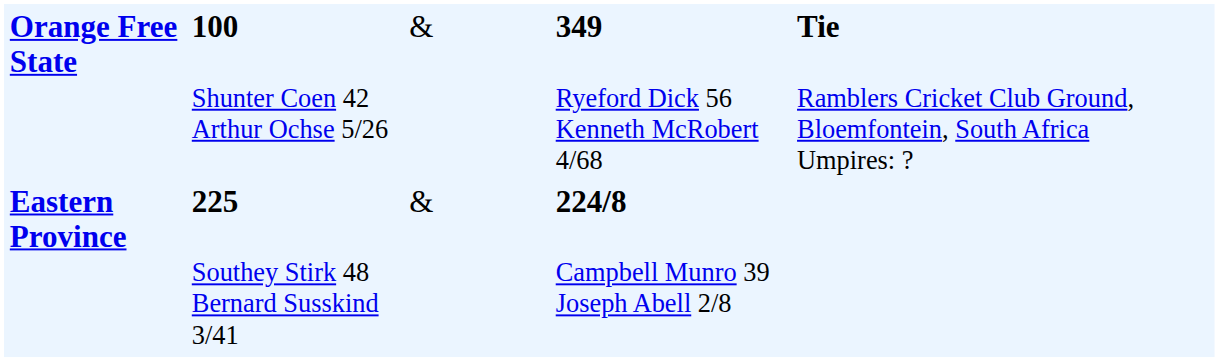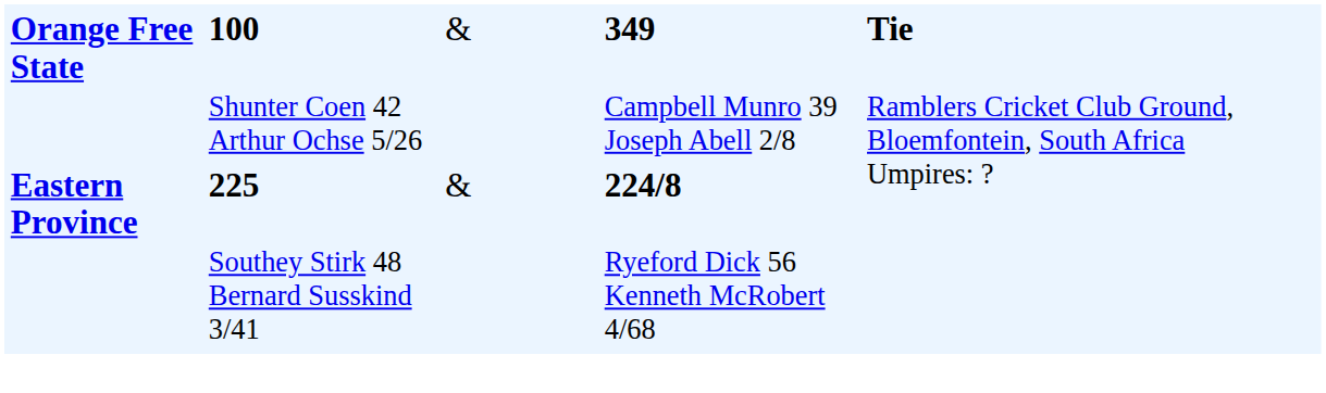 <table width="100%" style="background: #EBF5FF">
 <tr>
 <td width="15%" valign="top" rowspan="2"><strong><a href='#'>Orange Free State</a></strong></td>
 <td width="18%"><strong>100</strong></td>
 <td width="12%">&</td>
 <td width="20%"><strong>349</strong></td>
 <td width="35%"><strong>Tie</strong></td>
 </tr>
 <tr>
 <td style="font-size: 85%;" valign="top"><br><a href='#'>Shunter Coen</a> 42<br> <a href='#'>Arthur Ochse</a> 5/26</td>
 <td></td>
-<td style="font-size: 85%;"><br><a href='#'>Ryeford Dick</a> 56<br> <a href='#'>Kenneth McRobert</a> 4/68</td>
+<td valign="top" style="font-size: 85%;"><br><a href='#'>Campbell Munro</a> 39<br> <a href='#'>Joseph Abell</a> 2/8</td>
 <td valign="top" style="font-size: 85%;" rowspan="3"><br><a href='#'>Ramblers Cricket Club Ground</a>, <a href='#'>Bloemfontein</a>, <a href='#'>South Africa</a><br> Umpires: ?</td>
 </tr>
 <tr>
 <td valign="top" rowspan="2"><strong><a href='#'>Eastern Province</a></strong></td>
 <td><strong>225</strong></td>
 <td>&</td>
 <td><strong>224/8</strong></td>
 </tr>
 <tr>
 <td style="font-size: 85%;"><br><a href='#'>Southey Stirk</a> 48<br> <a href='#'>Bernard Susskind</a> 3/41</td>
 <td></td>
-<td valign="top" style="font-size: 85%;"><br><a href='#'>Campbell Munro</a> 39<br> <a href='#'>Joseph Abell</a> 2/8</td>
+<td style="font-size: 85%;"><br><a href='#'>Ryeford Dick</a> 56<br> <a href='#'>Kenneth McRobert</a> 4/68</td>
 </tr>
 </table>
